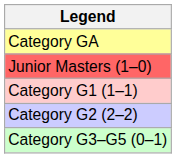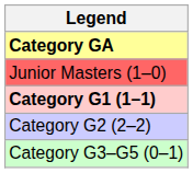 <table class=wikitable style=font-size:85%>
 <tr>
 <th>Legend</th>
 </tr>
 <tr bgcolor=#ffff99>
-<td>Category GA</td>
+<td><strong>Category GA</strong></td>
 </tr>
 <tr bgcolor=#ff6666>
 <td>Junior Masters (1–0)</td>
 </tr>
 <tr bgcolor=#ffcccc>
-<td>Category G1 (1–1)</td>
+<td><strong>Category G1 (1–1)</strong></td>
 </tr>
 <tr bgcolor=#ccccff>
 <td>Category G2 (2–2)</td>
 </tr>
 <tr bgcolor=#ccffcc>
 <td>Category G3–G5 (0–1)</td>
 </tr>
 </table>
